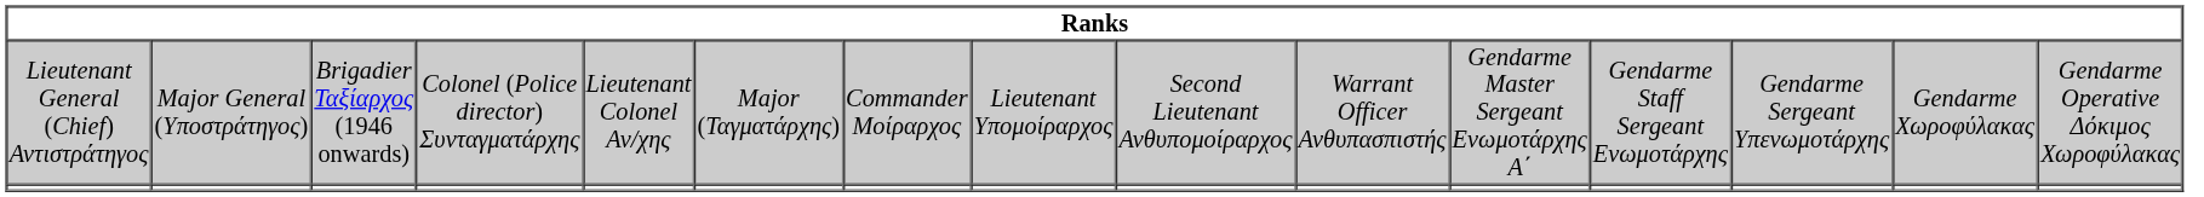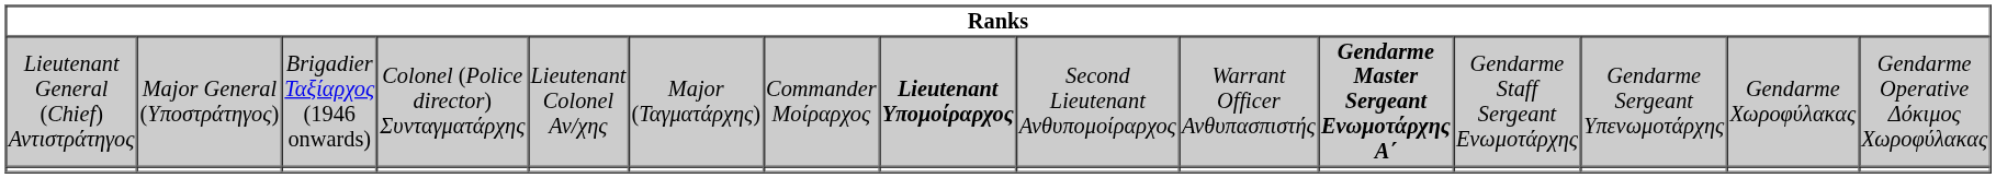 <table border="1" cellpadding="1" cellspacing="0" width="30%">
 <tr>
 <th colspan=16>Ranks</th>
 </tr>
 <tr align="center" - bgcolor="#CCCCCC">
 <td><em>Lieutenant General</em> (<em>Chief</em>) <em>Αντιστράτηγος</em></td>
 <td><em>Major General</em> (<em>Υποστράτηγος</em>)</td>
 <td><em>Brigadier</em> <em><a href='#'>Ταξίαρχος</a></em><br>(1946 onwards)</td>
 <td><em>Colonel</em> (<em>Police director</em>) <em>Συνταγματάρχης</em></td>
 <td><em>Lieutenant Colonel</em> <em>Αν/χης</em></td>
 <td><em>Major</em> (<em>Ταγματάρχης</em>)</td>
 <td><em>Commander</em> <em>Μοίραρχος</em></td>
-<td><em>Lieutenant</em> <em>Υπομοίραρχος</em></td>
+<td><strong><em>Lieutenant</em> <em>Υπομοίραρχος</em></strong></td>
 <td><em>Second Lieutenant</em> <em>Ανθυπομοίραρχος</em></td>
 <td><em>Warrant Officer</em> <em>Ανθυπασπιστής</em></td>
-<td><em>Gendarme Master Sergeant</em> <em>Ενωμοτάρχης Α΄</em></td>
+<td><strong><em>Gendarme Master Sergeant</em> <em>Ενωμοτάρχης Α΄</em></strong></td>
 <td><em>Gendarme Staff Sergeant</em>  <em>Ενωμοτάρχης</em></td>
 <td><em>Gendarme Sergeant</em> <em>Υπενωμοτάρχης</em></td>
 <td><em>Gendarme</em> <em>Χωροφύλακας</em></td>
 <td><em>Gendarme Operative</em> <em>Δόκιμος Χωροφύλακας</em></td>
 </tr>
 <tr align="center" width="10%">
 <td></td>
 <td></td>
 <td></td>
 <td></td>
 <td></td>
 <td></td>
 <td></td>
 <td></td>
 <td></td>
 <td></td>
 <td></td>
 <td></td>
 <td></td>
 <td></td>
 <td></td>
 </tr>
 </table>
